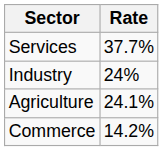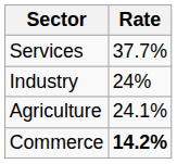 <table class="wikitable">
 <tr>
 <th>Sector</th>
 <th>Rate</th>
 </tr>
 <tr>
 <td>Services</td>
 <td>37.7%</td>
 </tr>
 <tr>
 <td>Industry</td>
 <td>24%</td>
 </tr>
 <tr>
 <td>Agriculture</td>
 <td>24.1%</td>
 </tr>
 <tr>
 <td>Commerce</td>
-<td>14.2%</td>
+<td><strong>14.2%</strong></td>
 </tr>
 </table>
